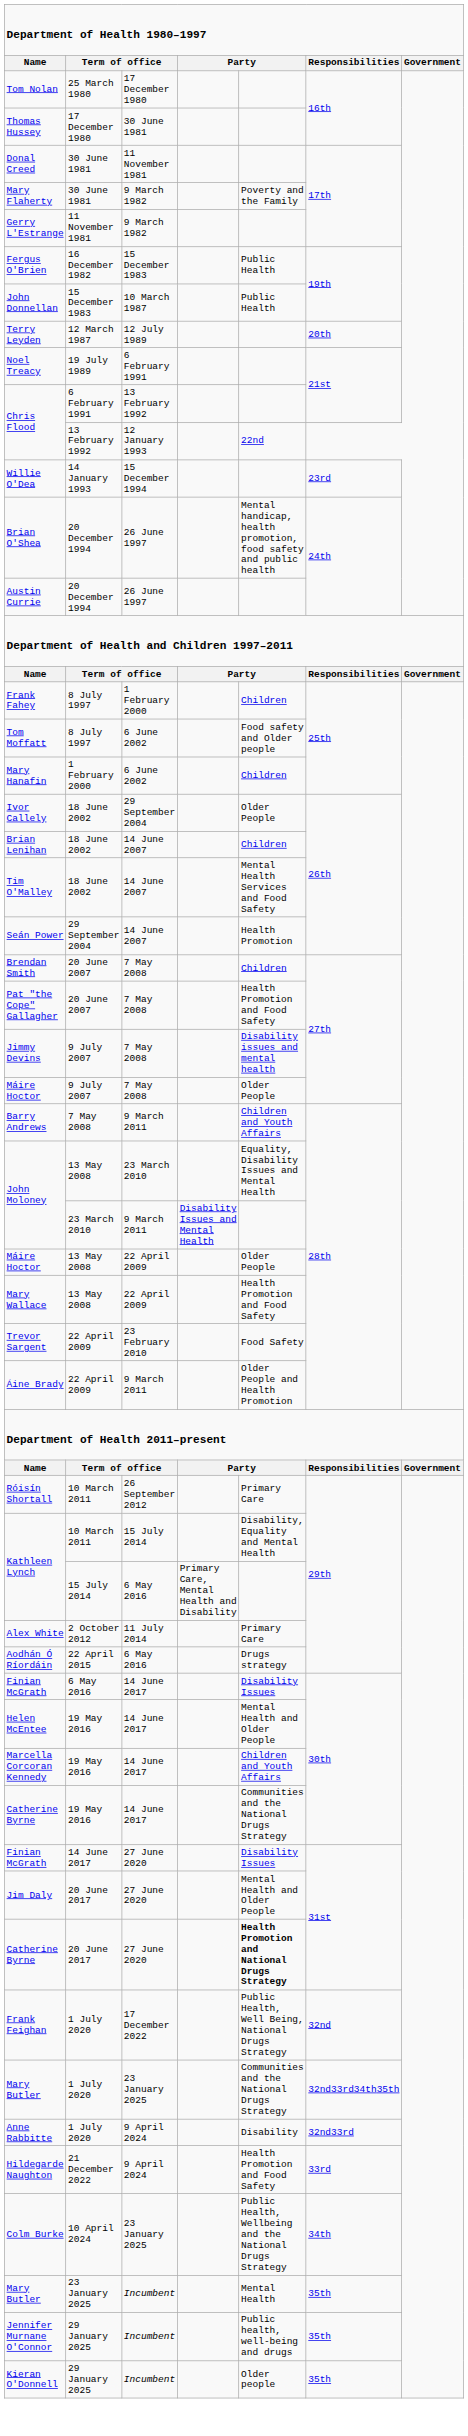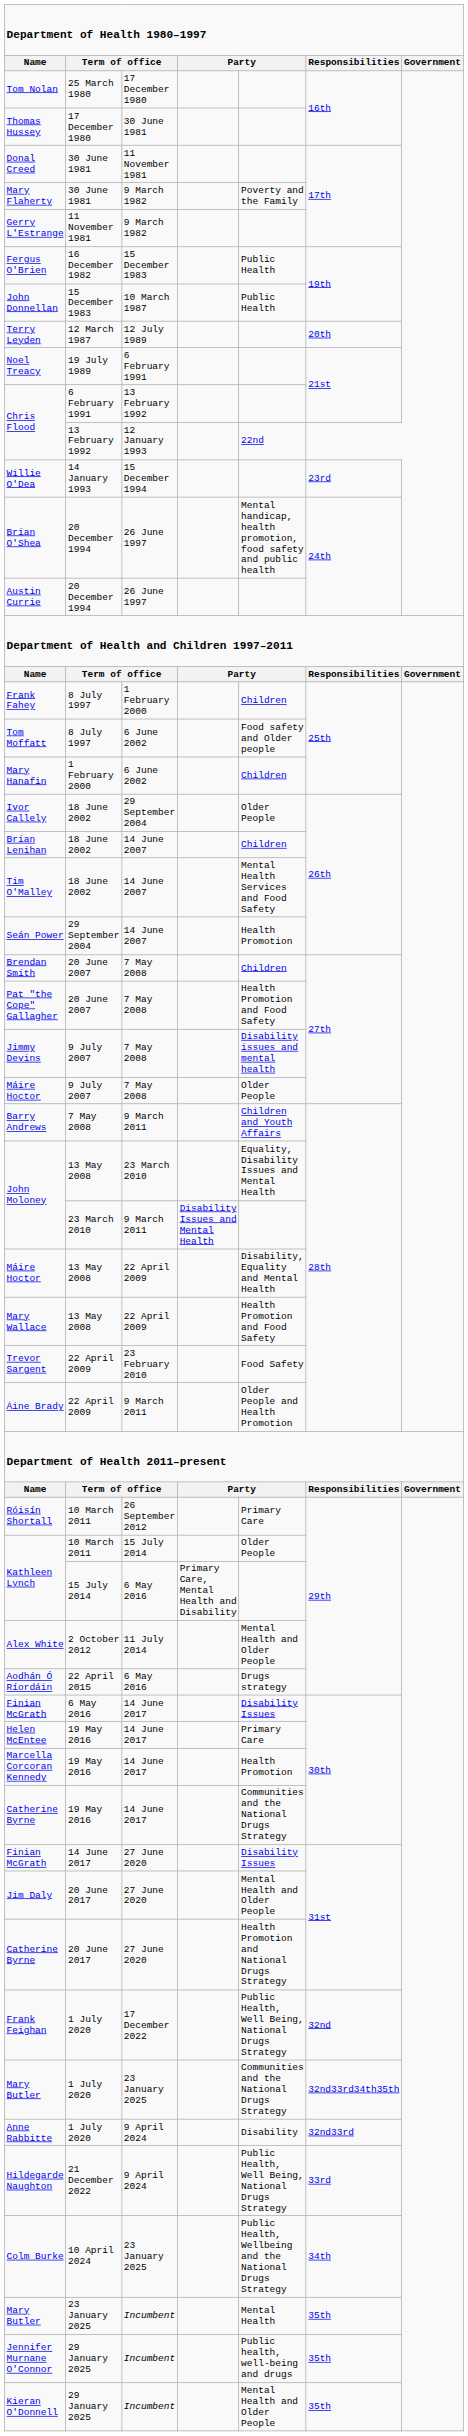 <table class="wikitable">
 <tr>
 <td colspan=7><br><h3>Department of Health 1980–1997</h3></td>
 </tr>
 <tr>
 <th>Name</th>
 <th colspan=2>Term of office</th>
 <th colspan=2>Party</th>
 <th>Responsibilities</th>
 <th>Government</th>
 </tr>
 <tr>
 <td><a href='#'>Tom Nolan</a></td>
 <td>25 March 1980</td>
 <td>17 December 1980</td>
 <td></td>
 <td></td>
 <td rowspan=2><a href='#'>16th</a></td>
 </tr>
 <tr>
 <td><a href='#'>Thomas Hussey</a></td>
 <td>17 December 1980</td>
 <td>30 June 1981</td>
 <td></td>
 <td></td>
 </tr>
 <tr>
 <td><a href='#'>Donal Creed</a></td>
 <td>30 June 1981</td>
 <td>11 November 1981</td>
 <td></td>
 <td></td>
 <td rowspan=3><a href='#'>17th</a></td>
 </tr>
 <tr>
 <td><a href='#'>Mary Flaherty</a></td>
 <td>30 June 1981</td>
 <td>9 March 1982</td>
 <td></td>
 <td>Poverty and the Family</td>
 </tr>
 <tr>
 <td><a href='#'>Gerry L'Estrange</a></td>
 <td>11 November 1981</td>
 <td>9 March 1982</td>
 <td></td>
 <td></td>
 </tr>
 <tr>
 <td><a href='#'>Fergus O'Brien</a></td>
 <td>16 December 1982</td>
 <td>15 December 1983</td>
 <td></td>
 <td>Public Health</td>
 <td rowspan=2><a href='#'>19th</a></td>
 </tr>
 <tr>
 <td><a href='#'>John Donnellan</a></td>
 <td>15 December 1983</td>
 <td>10 March 1987</td>
 <td></td>
 <td>Public Health</td>
 </tr>
 <tr>
 <td><a href='#'>Terry Leyden</a></td>
 <td>12 March 1987</td>
 <td>12 July 1989</td>
 <td></td>
 <td></td>
 <td><a href='#'>20th</a></td>
 </tr>
 <tr>
 <td><a href='#'>Noel Treacy</a></td>
 <td>19 July 1989</td>
 <td>6 February 1991</td>
 <td></td>
 <td></td>
 <td rowspan=2><a href='#'>21st</a></td>
 </tr>
 <tr>
 <td rowspan=2><a href='#'>Chris Flood</a></td>
 <td>6 February 1991</td>
 <td>13 February 1992</td>
 <td></td>
 <td></td>
 </tr>
 <tr>
 <td>13 February 1992</td>
 <td>12 January 1993</td>
 <td></td>
 <td><a href='#'>22nd</a></td>
 </tr>
 <tr>
 <td><a href='#'>Willie O'Dea</a></td>
 <td>14 January 1993</td>
 <td>15 December 1994</td>
 <td></td>
 <td></td>
 <td><a href='#'>23rd</a></td>
 </tr>
 <tr>
 <td><a href='#'>Brian O'Shea</a></td>
 <td>20 December 1994</td>
 <td>26 June 1997</td>
 <td></td>
 <td>Mental handicap, health promotion, food safety and public health</td>
 <td rowspan=2><a href='#'>24th</a></td>
 </tr>
 <tr>
 <td><a href='#'>Austin Currie</a></td>
 <td>20 December 1994</td>
 <td>26 June 1997</td>
 <td></td>
 <td></td>
 </tr>
 <tr>
 <td colspan=7><br><h3>Department of Health and Children 1997–2011</h3></td>
 </tr>
 <tr>
 <th>Name</th>
 <th colspan=2>Term of office</th>
 <th colspan=2>Party</th>
 <th>Responsibilities</th>
 <th>Government</th>
 </tr>
 <tr>
 <td><a href='#'>Frank Fahey</a></td>
 <td>8 July 1997</td>
 <td>1 February 2000</td>
 <td></td>
 <td><a href='#'>Children</a></td>
 <td rowspan=3><a href='#'>25th</a></td>
 </tr>
 <tr>
 <td><a href='#'>Tom Moffatt</a></td>
 <td>8 July 1997</td>
 <td>6 June 2002</td>
 <td></td>
 <td>Food safety and Older people</td>
 </tr>
 <tr>
 <td><a href='#'>Mary Hanafin</a></td>
 <td>1 February 2000</td>
 <td>6 June 2002</td>
 <td></td>
 <td><a href='#'>Children</a></td>
 </tr>
 <tr>
 <td><a href='#'>Ivor Callely</a></td>
 <td>18 June 2002</td>
 <td>29 September 2004</td>
 <td></td>
 <td>Older People</td>
 <td rowspan=4><a href='#'>26th</a></td>
 </tr>
 <tr>
 <td><a href='#'>Brian Lenihan</a></td>
 <td>18 June 2002</td>
 <td>14 June 2007</td>
 <td></td>
 <td><a href='#'>Children</a></td>
 </tr>
 <tr>
 <td><a href='#'>Tim O'Malley</a></td>
 <td>18 June 2002</td>
 <td>14 June 2007</td>
 <td></td>
 <td>Mental Health Services and Food Safety</td>
 </tr>
 <tr>
 <td><a href='#'>Seán Power</a></td>
 <td>29 September 2004</td>
 <td>14 June 2007</td>
 <td></td>
 <td>Health Promotion</td>
 </tr>
 <tr>
 <td><a href='#'>Brendan Smith</a></td>
 <td>20 June 2007</td>
 <td>7 May 2008</td>
 <td></td>
 <td><a href='#'>Children</a></td>
 <td rowspan=4><a href='#'>27th</a></td>
 </tr>
 <tr>
 <td><a href='#'>Pat "the Cope" Gallagher</a></td>
 <td>20 June 2007</td>
 <td>7 May 2008</td>
 <td></td>
 <td>Health Promotion and Food Safety</td>
 </tr>
 <tr>
 <td><a href='#'>Jimmy Devins</a></td>
 <td>9 July 2007</td>
 <td>7 May 2008</td>
 <td></td>
 <td><a href='#'>Disability issues and mental health</a></td>
 </tr>
 <tr>
 <td><a href='#'>Máire Hoctor</a></td>
 <td>9 July 2007</td>
 <td>7 May 2008</td>
 <td></td>
 <td>Older People</td>
 </tr>
 <tr>
 <td><a href='#'>Barry Andrews</a></td>
 <td>7 May 2008</td>
 <td>9 March 2011</td>
 <td></td>
 <td><a href='#'>Children and Youth Affairs</a></td>
 <td rowspan=7><a href='#'>28th</a></td>
 </tr>
 <tr>
 <td rowspan=2><a href='#'>John Moloney</a></td>
 <td>13 May 2008</td>
 <td>23 March 2010</td>
 <td></td>
 <td>Equality, Disability Issues and Mental Health</td>
 </tr>
 <tr>
 <td>23 March 2010</td>
 <td>9 March 2011</td>
 <td><a href='#'>Disability Issues and Mental Health</a></td>
 </tr>
 <tr>
 <td><a href='#'>Máire Hoctor</a></td>
 <td>13 May 2008</td>
 <td>22 April 2009</td>
 <td></td>
-<td>Older People</td>
+<td>Disability, Equality and Mental Health</td>
 </tr>
 <tr>
 <td><a href='#'>Mary Wallace</a></td>
 <td>13 May 2008</td>
 <td>22 April 2009</td>
 <td></td>
 <td>Health Promotion and Food Safety</td>
 </tr>
 <tr>
 <td><a href='#'>Trevor Sargent</a></td>
 <td>22 April 2009</td>
 <td>23 February 2010</td>
 <td></td>
 <td>Food Safety</td>
 </tr>
 <tr>
 <td><a href='#'>Áine Brady</a></td>
 <td>22 April 2009</td>
 <td>9 March 2011</td>
 <td></td>
 <td>Older People and Health Promotion</td>
 </tr>
 <tr>
 <td colspan=7><br><h3>Department of Health 2011–present</h3></td>
 </tr>
 <tr>
 <th>Name</th>
 <th colspan=2>Term of office</th>
 <th colspan=2>Party</th>
 <th>Responsibilities</th>
 <th>Government</th>
 </tr>
 <tr>
 <td><a href='#'>Róisín Shortall</a></td>
 <td>10 March 2011</td>
 <td>26 September 2012</td>
 <td></td>
 <td>Primary Care</td>
 <td rowspan=5><a href='#'>29th</a></td>
 </tr>
 <tr>
 <td rowspan=2><a href='#'>Kathleen Lynch</a></td>
 <td>10 March 2011</td>
 <td>15 July 2014</td>
 <td></td>
-<td>Disability, Equality and Mental Health</td>
+<td>Older People</td>
 </tr>
 <tr>
 <td>15 July 2014</td>
 <td>6 May 2016</td>
 <td>Primary Care, Mental Health and Disability</td>
 </tr>
 <tr>
 <td><a href='#'>Alex White</a></td>
 <td>2 October 2012</td>
 <td>11 July 2014</td>
 <td></td>
-<td>Primary Care</td>
+<td>Mental Health and Older People</td>
 </tr>
 <tr>
 <td><a href='#'>Aodhán Ó Ríordáin</a></td>
 <td>22 April 2015</td>
 <td>6 May 2016</td>
 <td></td>
 <td>Drugs strategy</td>
 </tr>
 <tr>
 <td><a href='#'>Finian McGrath</a></td>
 <td>6 May 2016</td>
 <td>14 June 2017</td>
 <td></td>
 <td><a href='#'>Disability Issues</a></td>
 <td rowspan=4><a href='#'>30th</a></td>
 </tr>
 <tr>
 <td><a href='#'>Helen McEntee</a></td>
 <td>19 May 2016</td>
 <td>14 June 2017</td>
 <td></td>
-<td>Mental Health and Older People</td>
+<td>Primary Care</td>
 </tr>
 <tr>
 <td><a href='#'>Marcella Corcoran Kennedy</a></td>
 <td>19 May 2016</td>
 <td>14 June 2017</td>
 <td></td>
-<td><a href='#'>Children and Youth Affairs</a></td>
+<td>Health Promotion</td>
 </tr>
 <tr>
 <td><a href='#'>Catherine Byrne</a></td>
 <td>19 May 2016</td>
 <td>14 June 2017</td>
 <td></td>
 <td>Communities and the National Drugs Strategy</td>
 </tr>
 <tr>
 <td><a href='#'>Finian McGrath</a></td>
 <td>14 June 2017</td>
 <td>27 June 2020</td>
 <td></td>
 <td><a href='#'>Disability Issues</a></td>
 <td rowspan=3><a href='#'>31st</a></td>
 </tr>
 <tr>
 <td><a href='#'>Jim Daly</a></td>
 <td>20 June 2017</td>
 <td>27 June 2020</td>
 <td></td>
 <td>Mental Health and Older People</td>
 </tr>
 <tr>
 <td><a href='#'>Catherine Byrne</a></td>
 <td>20 June 2017</td>
 <td>27 June 2020</td>
 <td></td>
-<td><strong>Health Promotion and National Drugs Strategy</strong></td>
+<td>Health Promotion and National Drugs Strategy</td>
 </tr>
 <tr>
 <td><a href='#'>Frank Feighan</a></td>
 <td>1 July 2020</td>
 <td>17 December 2022</td>
 <td></td>
 <td>Public Health, Well Being, National Drugs Strategy</td>
 <td><a href='#'>32nd</a></td>
 </tr>
 <tr>
 <td><a href='#'>Mary Butler</a></td>
 <td>1 July 2020</td>
 <td>23 January 2025</td>
 <td></td>
 <td>Communities and the National Drugs Strategy</td>
 <td><a href='#'>32nd</a><a href='#'>33rd</a><a href='#'>34th</a><a href='#'>35th</a></td>
 </tr>
 <tr>
 <td><a href='#'>Anne Rabbitte</a></td>
 <td>1 July 2020</td>
 <td>9 April 2024</td>
 <td></td>
 <td>Disability</td>
 <td><a href='#'>32nd</a><a href='#'>33rd</a></td>
 </tr>
 <tr>
 <td><a href='#'>Hildegarde Naughton</a></td>
 <td>21 December 2022</td>
 <td>9 April 2024</td>
 <td></td>
-<td>Health Promotion and Food Safety</td>
+<td>Public Health, Well Being, National Drugs Strategy</td>
 <td><a href='#'>33rd</a></td>
 </tr>
 <tr>
 <td><a href='#'>Colm Burke</a></td>
 <td>10 April 2024</td>
 <td>23 January 2025</td>
 <td></td>
 <td>Public Health, Wellbeing and the National Drugs Strategy</td>
 <td><a href='#'>34th</a></td>
 </tr>
 <tr>
 <td><a href='#'>Mary Butler</a></td>
 <td>23 January 2025</td>
 <td><em>Incumbent</em></td>
 <td></td>
 <td>Mental Health</td>
 <td><a href='#'>35th</a></td>
 </tr>
 <tr>
 <td><a href='#'>Jennifer Murnane O'Connor</a></td>
 <td>29 January 2025</td>
 <td><em>Incumbent</em></td>
 <td></td>
 <td>Public health, well-being and drugs</td>
 <td><a href='#'>35th</a></td>
 </tr>
 <tr>
 <td><a href='#'>Kieran O'Donnell</a></td>
 <td>29 January 2025</td>
 <td><em>Incumbent</em></td>
 <td></td>
-<td>Older people</td>
+<td>Mental Health and Older People</td>
 <td><a href='#'>35th</a></td>
 </tr>
 </table>
